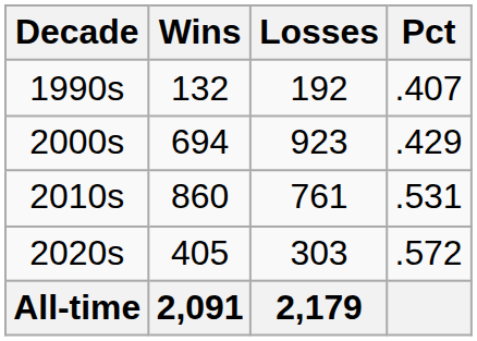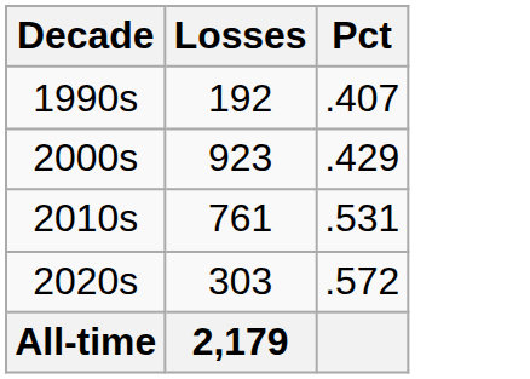 <table class="wikitable" style="text-align:center">
 <tr>
 <th style="text-align:center; ">Decade</th>
-<th style="text-align:center; ">Wins</th>
 <th style="text-align:center; ">Losses</th>
 <th style="text-align:center; ">Pct</th>
 </tr>
 <tr>
 <td>1990s</td>
-<td>132</td>
 <td>192</td>
 <td>.407</td>
 </tr>
 <tr>
 <td>2000s</td>
-<td>694</td>
 <td>923</td>
 <td>.429</td>
 </tr>
 <tr>
 <td>2010s</td>
-<td>860</td>
 <td>761</td>
 <td>.531</td>
 </tr>
 <tr>
 <td>2020s</td>
-<td>405</td>
 <td>303</td>
 <td>.572</td>
 </tr>
 <tr style="background:#f0f0f0; font-weight:bold">
 <th style="text-align:center; ">All-time</th>
-<th style="text-align:center; ">2,091</th>
 <th style="text-align:center; ">2,179</th>
 <th style="text-align:center; "></th>
 </tr>
 </table>
